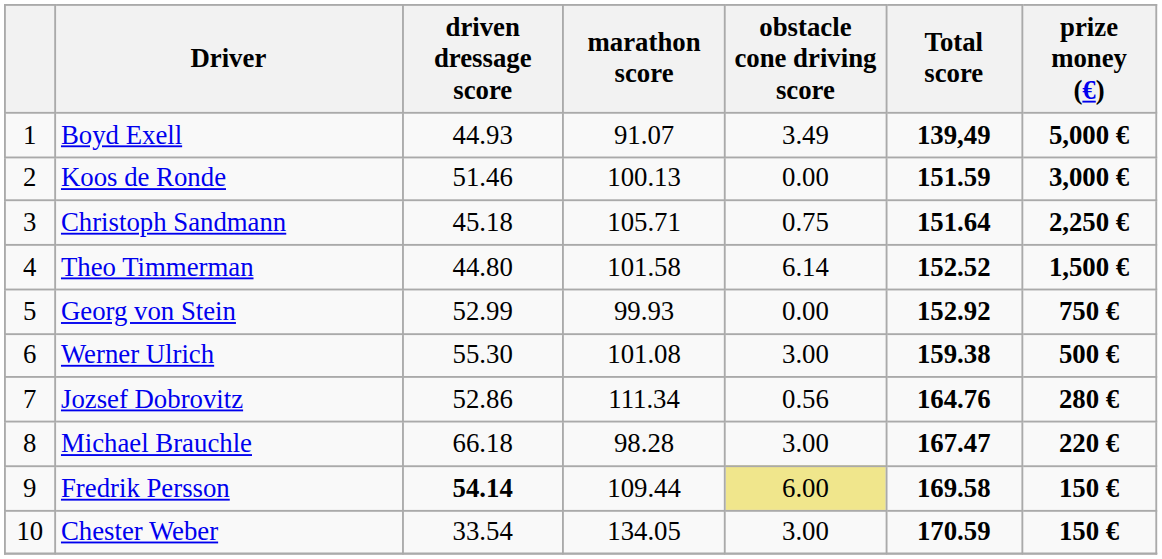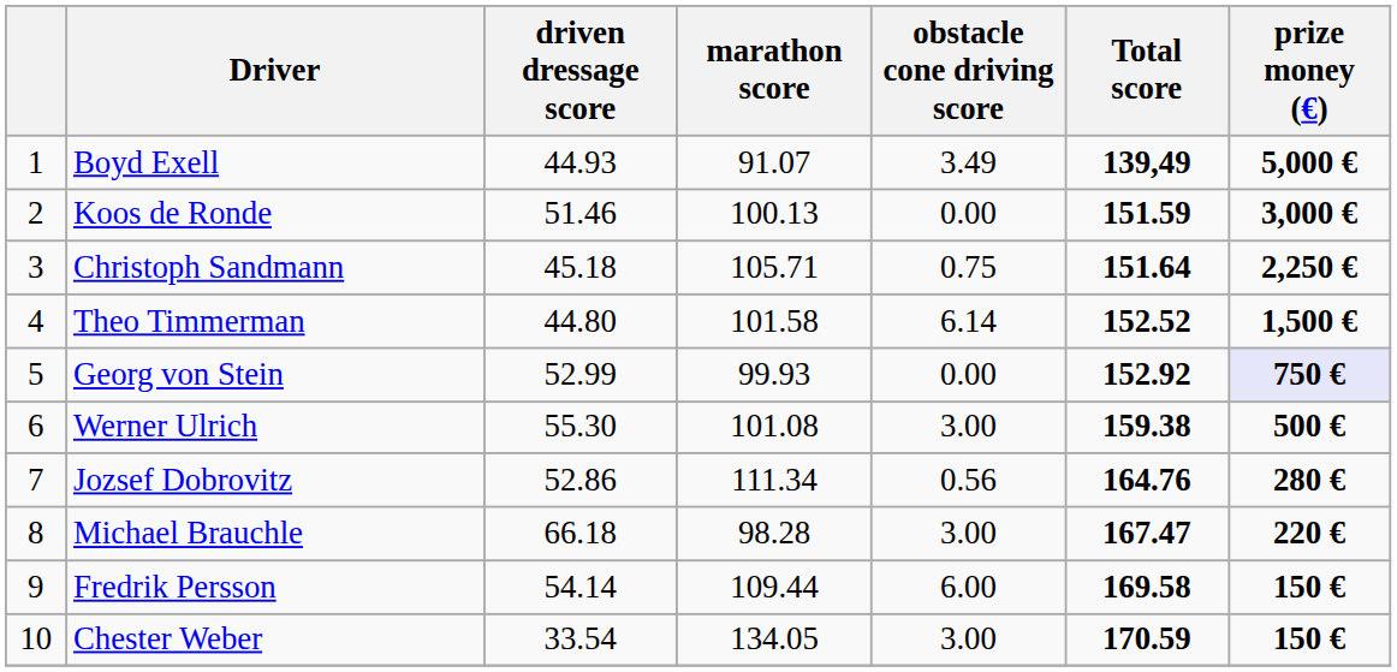 <table class="wikitable" style="font-size: 90%">
 <tr>
 <th width=20></th>
 <th width=180>Driver</th>
 <th width=80>driven dressage<br>score</th>
 <th width=80>marathon<br>score</th>
 <th width=80>obstacle cone driving<br>score</th>
 <th width=66>Total<br>score<br></th>
 <th width=66>prize<br>money<br>(<a href='#'>€</a>)</th>
 </tr>
 <tr>
 <td align=center>1</td>
 <td> <a href='#'>Boyd Exell</a></td>
 <td align=center>44.93</td>
 <td align=center>91.07</td>
 <td align=center>3.49</td>
 <td align=center><strong>139,49</strong></td>
 <td align=center><strong>5,000 €</strong></td>
 </tr>
 <tr>
 <td align=center>2</td>
 <td> <a href='#'>Koos de Ronde</a></td>
 <td align=center>51.46</td>
 <td align=center>100.13</td>
 <td align=center>0.00</td>
 <td align=center><strong>151.59</strong></td>
 <td align=center><strong>3,000 €</strong></td>
 </tr>
 <tr>
 <td align=center>3</td>
 <td> <a href='#'>Christoph Sandmann</a></td>
 <td align=center>45.18</td>
 <td align=center>105.71</td>
 <td align=center>0.75</td>
 <td align=center><strong>151.64</strong></td>
 <td align=center><strong>2,250 €</strong></td>
 </tr>
 <tr>
 <td align=center>4</td>
 <td> <a href='#'>Theo Timmerman</a></td>
 <td align=center>44.80</td>
 <td align=center>101.58</td>
 <td align=center>6.14</td>
 <td align=center><strong>152.52</strong></td>
 <td align=center><strong>1,500 €</strong></td>
 </tr>
 <tr>
 <td align=center>5</td>
 <td> <a href='#'>Georg von Stein</a></td>
 <td align=center>52.99</td>
 <td align=center>99.93</td>
 <td align=center>0.00</td>
 <td align=center><strong>152.92</strong></td>
-<td align=center><strong>750 €</strong></td>
+<td align=center style="background: lavender;"><strong>750 €</strong></td>
 </tr>
 <tr>
 <td align=center>6</td>
 <td> <a href='#'>Werner Ulrich</a></td>
 <td align=center>55.30</td>
 <td align=center>101.08</td>
 <td align=center>3.00</td>
 <td align=center><strong>159.38</strong></td>
 <td align=center><strong>500 €</strong></td>
 </tr>
 <tr>
 <td align=center>7</td>
 <td> <a href='#'>Jozsef Dobrovitz</a></td>
 <td align=center>52.86</td>
 <td align=center>111.34</td>
 <td align=center>0.56</td>
 <td align=center><strong>164.76</strong></td>
 <td align=center><strong>280 €</strong></td>
 </tr>
 <tr>
 <td align=center>8</td>
 <td> <a href='#'>Michael Brauchle</a></td>
 <td align=center>66.18</td>
 <td align=center>98.28</td>
 <td align=center>3.00</td>
 <td align=center><strong>167.47</strong></td>
 <td align=center><strong>220 €</strong></td>
 </tr>
 <tr>
 <td align=center>9</td>
 <td> <a href='#'>Fredrik Persson</a></td>
-<td align=center><strong>54.14</strong></td>
+<td align=center>54.14</td>
 <td align=center>109.44</td>
-<td align=center style="background: khaki;">6.00</td>
+<td align=center>6.00</td>
 <td align=center><strong>169.58</strong></td>
 <td align=center><strong>150 €</strong></td>
 </tr>
 <tr>
 <td align=center>10</td>
 <td> <a href='#'>Chester Weber</a></td>
 <td align=center>33.54</td>
 <td align=center>134.05</td>
 <td align=center>3.00</td>
 <td align=center><strong>170.59</strong></td>
 <td align=center><strong>150 €</strong></td>
 </tr>
 <tr>
 </tr>
 </table>
